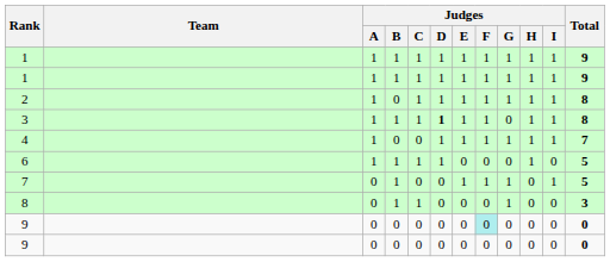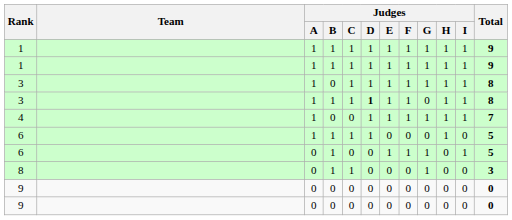 <table class=wikitable style="text-align:center">
 <tr>
 <th rowspan="2" width=40>Rank</th>
 <th rowspan="2" width=380>Team</th>
 <th colspan="9">Judges</th>
 <th rowspan="2" width=40>Total</th>
 </tr>
 <tr>
 <th width=20>A</th>
 <th width=20>B</th>
 <th width=20>C</th>
 <th width=20>D</th>
 <th width=20>E</th>
 <th width=20>F</th>
 <th width=20>G</th>
 <th width=20>H</th>
 <th width=20>I</th>
 </tr>
 <tr bgcolor="ccffcc">
 <td>1</td>
 <td align=left></td>
 <td>1</td>
 <td>1</td>
 <td>1</td>
 <td>1</td>
 <td>1</td>
 <td>1</td>
 <td>1</td>
 <td>1</td>
 <td>1</td>
 <td><strong>9</strong></td>
 </tr>
 <tr bgcolor="ccffcc">
 <td>1</td>
 <td align=left></td>
 <td>1</td>
 <td>1</td>
 <td>1</td>
 <td>1</td>
 <td>1</td>
 <td>1</td>
 <td>1</td>
 <td>1</td>
 <td>1</td>
 <td><strong>9</strong></td>
 </tr>
 <tr bgcolor="ccffcc">
-<td>2</td>
+<td>3</td>
 <td align=left></td>
 <td>1</td>
 <td>0</td>
 <td>1</td>
 <td>1</td>
 <td>1</td>
 <td>1</td>
 <td>1</td>
 <td>1</td>
 <td>1</td>
 <td><strong>8</strong></td>
 </tr>
 <tr bgcolor="ccffcc">
 <td>3</td>
 <td align=left></td>
 <td>1</td>
 <td>1</td>
 <td>1</td>
 <td><strong>1</strong></td>
 <td>1</td>
 <td>1</td>
 <td>0</td>
 <td>1</td>
 <td>1</td>
 <td><strong>8</strong></td>
 </tr>
 <tr bgcolor="ccffcc">
 <td>4</td>
 <td align=left></td>
 <td>1</td>
 <td>0</td>
 <td>0</td>
 <td>1</td>
 <td>1</td>
 <td>1</td>
 <td>1</td>
 <td>1</td>
 <td>1</td>
 <td><strong>7</strong></td>
 </tr>
 <tr bgcolor="ccffcc">
 <td>6</td>
 <td align=left></td>
 <td>1</td>
 <td>1</td>
 <td>1</td>
 <td>1</td>
 <td>0</td>
 <td>0</td>
 <td>0</td>
 <td>1</td>
 <td>0</td>
 <td><strong>5</strong></td>
 </tr>
 <tr bgcolor="ccffcc">
-<td>7</td>
+<td>6</td>
 <td align=left></td>
 <td>0</td>
 <td>1</td>
 <td>0</td>
 <td>0</td>
 <td>1</td>
 <td>1</td>
 <td>1</td>
 <td>0</td>
 <td>1</td>
 <td><strong>5</strong></td>
 </tr>
 <tr bgcolor="ccffcc">
 <td>8</td>
 <td align=left></td>
 <td>0</td>
 <td>1</td>
 <td>1</td>
 <td>0</td>
 <td>0</td>
 <td>0</td>
 <td>1</td>
 <td>0</td>
 <td>0</td>
 <td><strong>3</strong></td>
 </tr>
 <tr>
 <td>9</td>
 <td align=left></td>
 <td>0</td>
 <td>0</td>
 <td>0</td>
 <td>0</td>
 <td>0</td>
-<td style="background: paleturquoise;">0</td>
+<td>0</td>
 <td>0</td>
 <td>0</td>
 <td>0</td>
 <td><strong>0</strong></td>
 </tr>
 <tr>
 <td>9</td>
 <td align=left></td>
 <td>0</td>
 <td>0</td>
 <td>0</td>
 <td>0</td>
 <td>0</td>
 <td>0</td>
 <td>0</td>
 <td>0</td>
 <td>0</td>
 <td><strong>0</strong></td>
 </tr>
 </table>
